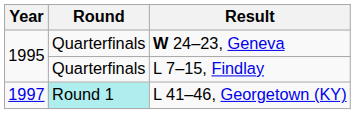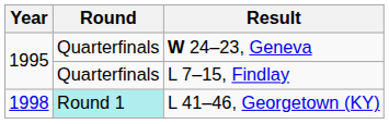 <table class="wikitable">
 <tr>
 <th>Year</th>
 <th>Round</th>
 <th>Result</th>
 </tr>
 <tr>
 <td rowspan="2">1995</td>
 <td>Quarterfinals</td>
 <td><strong>W</strong> 24–23, <a href='#'>Geneva</a></td>
 </tr>
 <tr>
 <td>Quarterfinals</td>
 <td>L 7–15, <a href='#'>Findlay</a></td>
 </tr>
 <tr>
-<td><a href='#'>1997</a></td>
+<td><a href='#'>1998</a></td>
 <td style="background: paleturquoise;">Round 1</td>
 <td>L 41–46, <a href='#'>Georgetown (KY)</a></td>
 </tr>
 </table>
